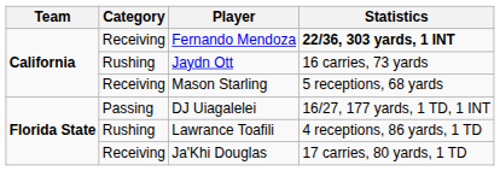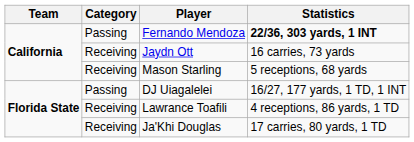 <table class="wikitable" style="float: right;">
 <tr>
 <th>Team</th>
 <th>Category</th>
 <th>Player</th>
 <th>Statistics</th>
 </tr>
 <tr>
 <td rowspan=3><strong>California</strong></td>
-<td>Receiving</td>
+<td>Passing</td>
 <td><a href='#'>Fernando Mendoza</a></td>
 <td><strong>22/36, 303 yards, 1 INT</strong></td>
 </tr>
 <tr>
-<td>Rushing</td>
+<td>Receiving</td>
 <td><a href='#'>Jaydn Ott</a></td>
 <td>16 carries, 73 yards</td>
 </tr>
 <tr>
 <td>Receiving</td>
 <td>Mason Starling</td>
 <td>5 receptions, 68 yards</td>
 </tr>
 <tr>
 <td rowspan=3><strong>Florida State</strong></td>
 <td>Passing</td>
 <td>DJ Uiagalelei</td>
 <td>16/27, 177 yards, 1 TD, 1 INT</td>
 </tr>
 <tr>
-<td>Rushing</td>
+<td>Receiving</td>
 <td>Lawrance Toafili</td>
 <td>4 receptions, 86 yards, 1 TD</td>
 </tr>
 <tr>
 <td>Receiving</td>
 <td>Ja'Khi Douglas</td>
 <td>17 carries, 80 yards, 1 TD</td>
 </tr>
 </table>
